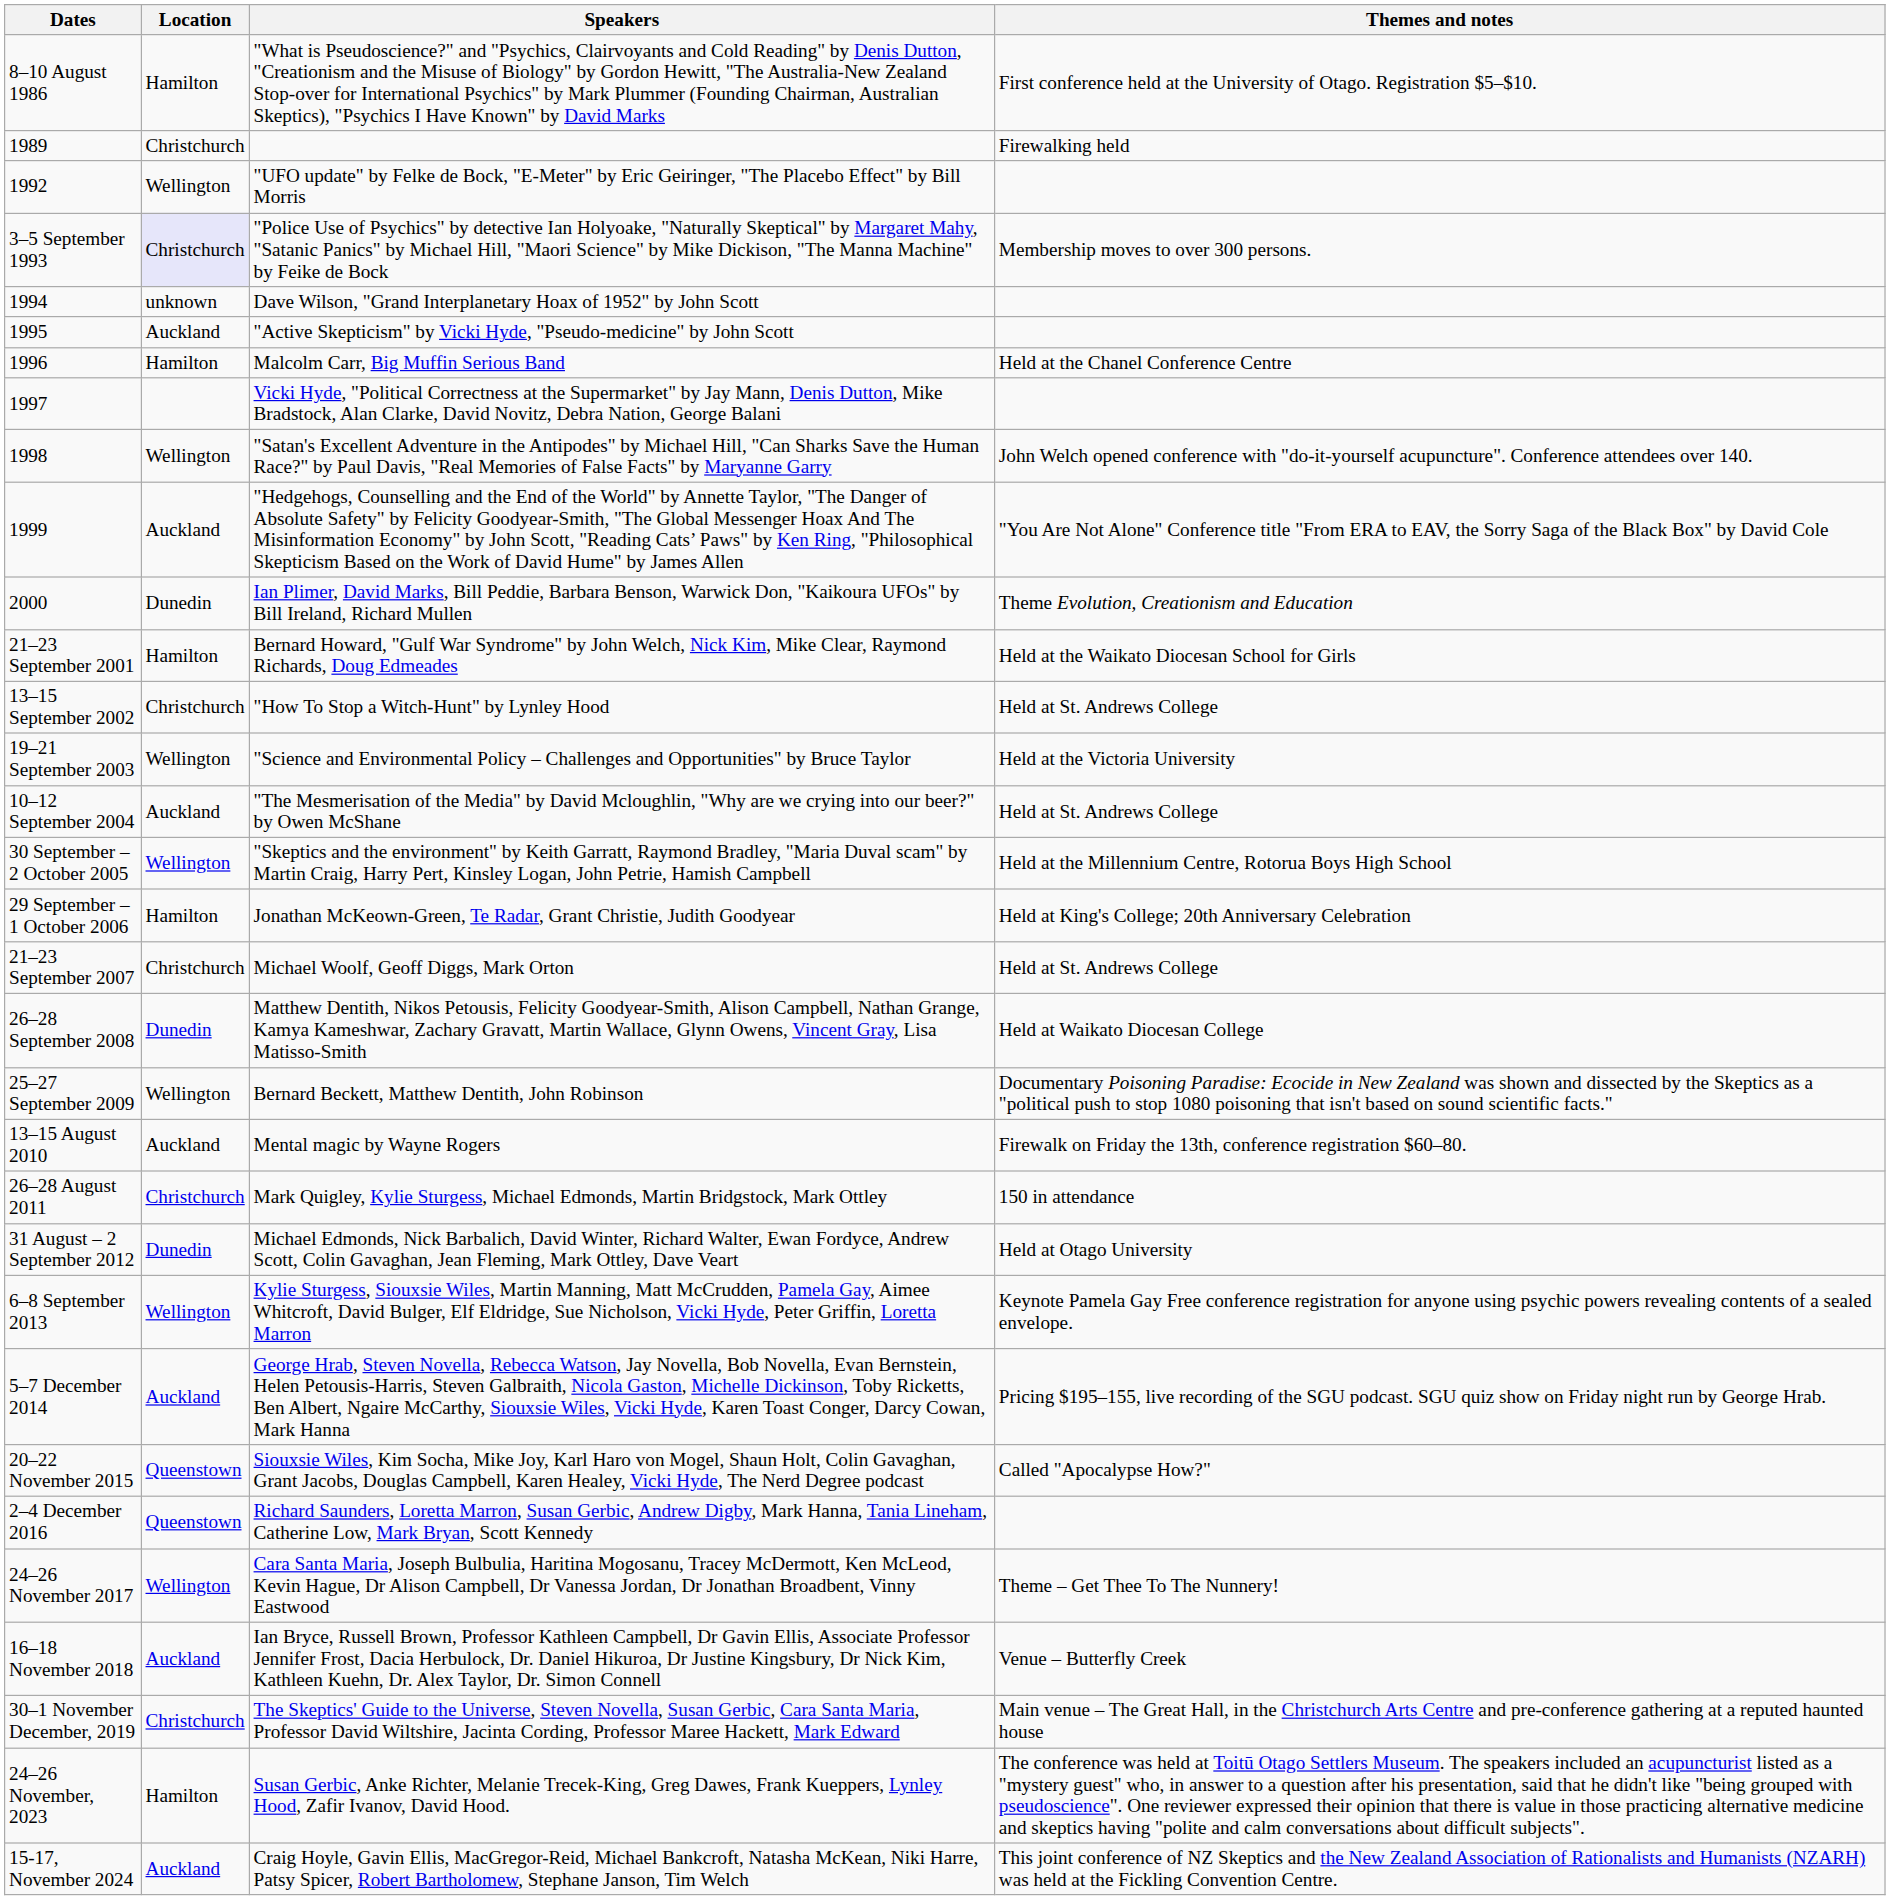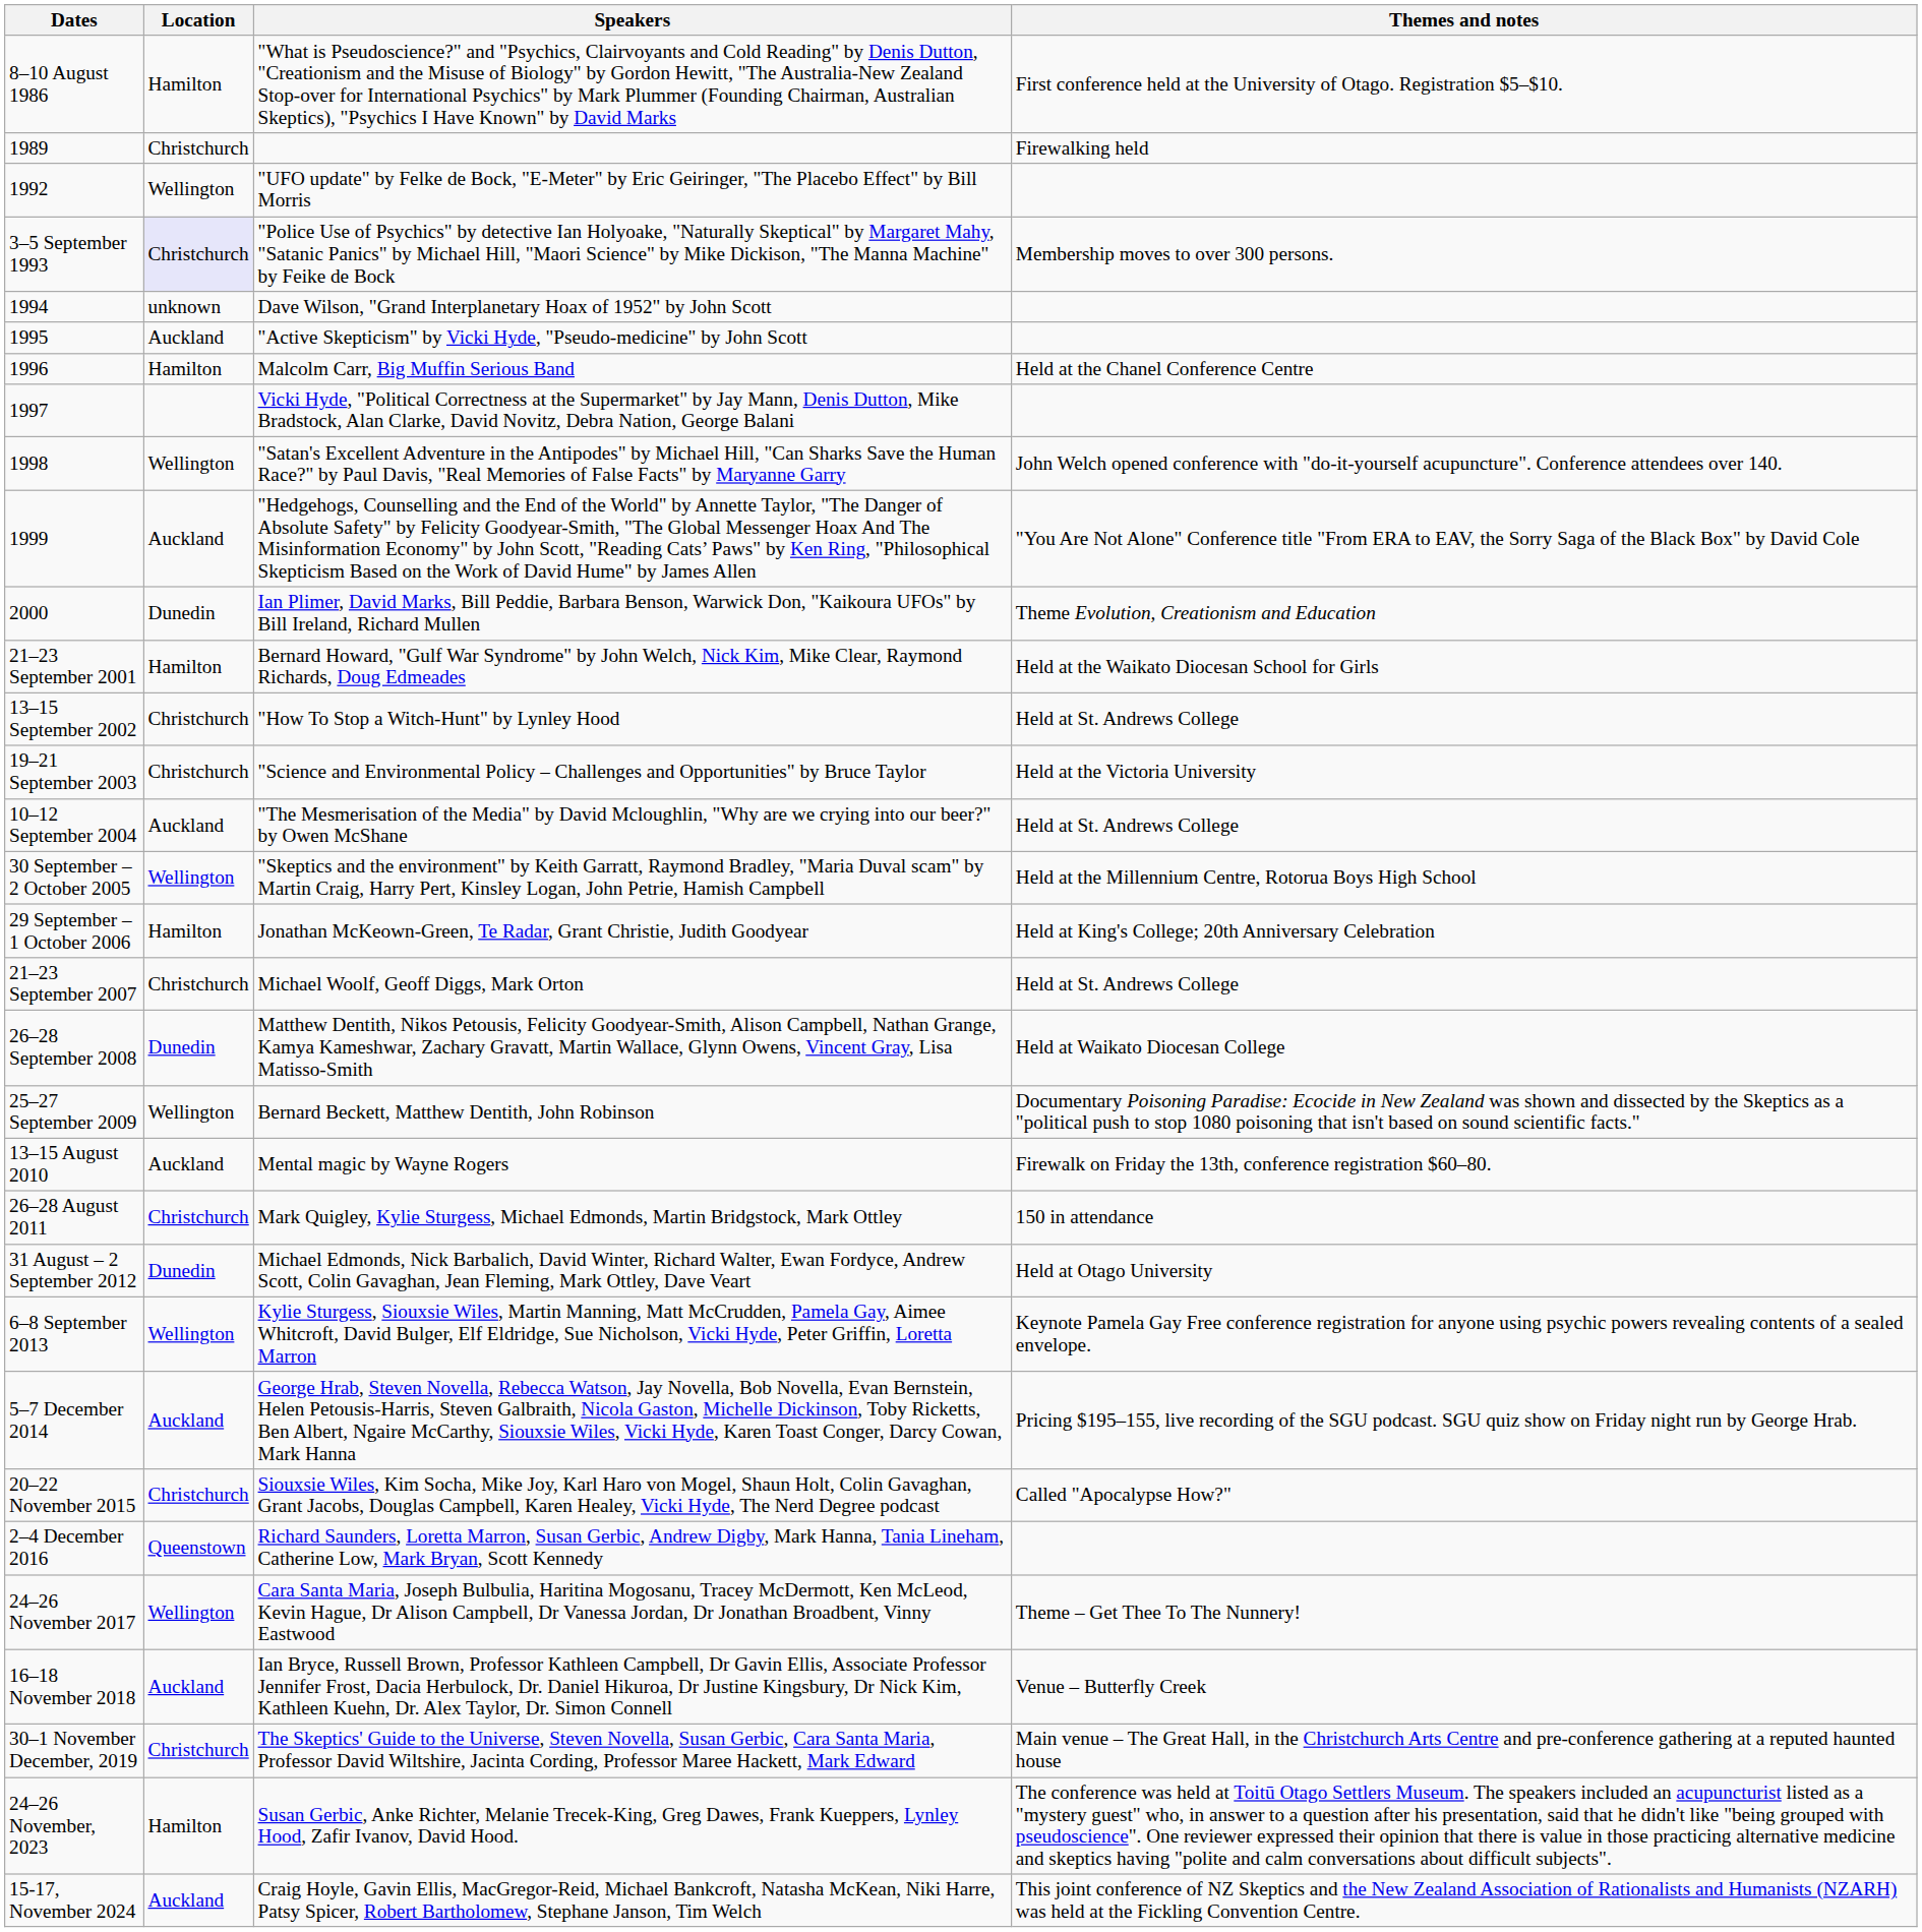 <table class="wikitable mw-collapsible mw-collapsed">
 <tr>
 <th data-sort-type="date">Dates</th>
 <th>Location</th>
 <th class="unsortable">Speakers</th>
 <th class="unsortable">Themes and notes</th>
 </tr>
 <tr>
 <td data-sort-value="August 1, 1986">8–10 August 1986</td>
 <td>Hamilton</td>
 <td>"What is Pseudoscience?" and "Psychics, Clairvoyants and Cold Reading" by <a href='#'>Denis Dutton</a>, "Creationism and the Misuse of Biology" by Gordon Hewitt, "The Australia-New Zealand Stop-over for International Psychics" by Mark Plummer (Founding Chairman, Australian Skeptics), "Psychics I Have Known" by <a href='#'>David Marks</a></td>
 <td>First conference held at the University of Otago. Registration $5–$10.</td>
 </tr>
 <tr>
 <td data-sort-value="September 1, 1989">1989</td>
 <td>Christchurch</td>
 <td></td>
 <td>Firewalking held</td>
 </tr>
 <tr>
 <td data-sort-value="1992">1992</td>
 <td>Wellington</td>
 <td>"UFO update" by Felke de Bock, "E-Meter" by Eric Geiringer, "The Placebo Effect" by Bill Morris</td>
 <td></td>
 </tr>
 <tr>
 <td data-sort-value="1993">3–5 September 1993</td>
 <td style="background: lavender;">Christchurch</td>
 <td>"Police Use of Psychics" by detective Ian Holyoake, "Naturally Skeptical" by <a href='#'>Margaret Mahy</a>, "Satanic Panics" by Michael Hill, "Maori Science" by Mike Dickison, "The Manna Machine" by Feike de Bock</td>
 <td>Membership moves to over 300 persons.</td>
 </tr>
 <tr>
 <td data-sort-value="1994">1994</td>
 <td>unknown</td>
 <td>Dave Wilson, "Grand Interplanetary Hoax of 1952" by John Scott</td>
 <td></td>
 </tr>
 <tr>
 <td data-sort-value="1995">1995</td>
 <td>Auckland</td>
 <td>"Active Skepticism" by <a href='#'>Vicki Hyde</a>, "Pseudo-medicine" by John Scott</td>
 <td></td>
 </tr>
 <tr>
 <td data-sort-value="1996">1996</td>
 <td>Hamilton</td>
 <td>Malcolm Carr, <a href='#'>Big Muffin Serious Band</a></td>
 <td>Held at the Chanel Conference Centre</td>
 </tr>
 <tr>
 <td data-sort-value="1997">1997</td>
 <td></td>
 <td><a href='#'>Vicki Hyde</a>, "Political Correctness at the Supermarket" by Jay Mann, <a href='#'>Denis Dutton</a>, Mike Bradstock, Alan Clarke, David Novitz, Debra Nation, George Balani</td>
 <td></td>
 </tr>
 <tr>
 <td data-sort-value="1998">1998</td>
 <td>Wellington</td>
 <td>"Satan's Excellent Adventure in the Antipodes" by Michael Hill, "Can Sharks Save the Human Race?" by Paul Davis, "Real Memories of False Facts" by <a href='#'>Maryanne Garry</a></td>
 <td>John Welch opened conference with "do-it-yourself acupuncture". Conference attendees over 140.</td>
 </tr>
 <tr>
 <td data-sort-value="1999">1999</td>
 <td>Auckland</td>
 <td>"Hedgehogs, Counselling and the End of the World" by Annette Taylor, "The Danger of Absolute Safety" by Felicity Goodyear-Smith, "The Global Messenger Hoax And The Misinformation Economy" by John Scott, "Reading Cats’ Paws" by <a href='#'>Ken Ring</a>, "Philosophical Skepticism Based on the Work of David Hume" by James Allen</td>
 <td>"You Are Not Alone" Conference title "From ERA to EAV, the Sorry Saga of the Black Box" by David Cole</td>
 </tr>
 <tr>
 <td data-sort-value="2000">2000</td>
 <td>Dunedin</td>
 <td><a href='#'>Ian Plimer</a>, <a href='#'>David Marks</a>, Bill Peddie, Barbara Benson, Warwick Don, "Kaikoura UFOs" by Bill Ireland, Richard Mullen</td>
 <td>Theme <em>Evolution, Creationism and Education</em></td>
 </tr>
 <tr>
 <td data-sort-value="September 21, 2001">21–23 September 2001</td>
 <td>Hamilton</td>
 <td>Bernard Howard, "Gulf War Syndrome" by John Welch, <a href='#'>Nick Kim</a>, Mike Clear, Raymond Richards, <a href='#'>Doug Edmeades</a></td>
 <td>Held at the Waikato Diocesan School for Girls</td>
 </tr>
 <tr>
 <td data-sort-value="September 13, 2002">13–15 September 2002</td>
 <td>Christchurch</td>
 <td>"How To Stop a Witch-Hunt" by Lynley Hood</td>
 <td>Held at St. Andrews College</td>
 </tr>
 <tr>
 <td data-sort-value="September 19, 2003">19–21 September 2003</td>
-<td>Wellington</td>
+<td>Christchurch</td>
 <td>"Science and Environmental Policy – Challenges and Opportunities" by Bruce Taylor</td>
 <td>Held at the Victoria University</td>
 </tr>
 <tr>
 <td data-sort-value="September 10, 2004">10–12 September 2004</td>
 <td>Auckland</td>
 <td>"The Mesmerisation of the Media" by David Mcloughlin, "Why are we crying into our beer?" by Owen McShane</td>
 <td>Held at St. Andrews College</td>
 </tr>
 <tr>
 <td data-sort-value="September 30, 2005">30 September – 2 October 2005</td>
 <td><a href='#'>Wellington</a></td>
 <td>"Skeptics and the environment" by Keith Garratt, Raymond Bradley, "Maria Duval scam" by Martin Craig, Harry Pert, Kinsley Logan, John Petrie, Hamish Campbell</td>
 <td>Held at the Millennium Centre, Rotorua Boys High School</td>
 </tr>
 <tr>
 <td data-sort-value="September 29, 2006">29 September – 1 October 2006</td>
 <td>Hamilton</td>
 <td>Jonathan McKeown-Green, <a href='#'>Te Radar</a>, Grant Christie, Judith Goodyear</td>
 <td>Held at King's College; 20th Anniversary Celebration</td>
 </tr>
 <tr>
 <td data-sort-value="September 21, 2007">21–23 September 2007</td>
 <td>Christchurch</td>
 <td>Michael Woolf, Geoff Diggs, Mark Orton</td>
 <td>Held at St. Andrews College</td>
 </tr>
 <tr>
 <td data-sort-value="September 26, 2008">26–28 September 2008</td>
 <td><a href='#'>Dunedin</a></td>
 <td>Matthew Dentith, Nikos Petousis, Felicity Goodyear-Smith, Alison Campbell, Nathan Grange, Kamya Kameshwar, Zachary Gravatt, Martin Wallace, Glynn Owens, <a href='#'>Vincent Gray</a>, Lisa Matisso-Smith</td>
 <td>Held at Waikato Diocesan College</td>
 </tr>
 <tr>
 <td data-sort-value="September 25, 2009">25–27 September 2009</td>
 <td>Wellington</td>
 <td>Bernard Beckett, Matthew Dentith, John Robinson</td>
 <td>Documentary <em>Poisoning Paradise: Ecocide in New Zealand</em> was shown and dissected by the Skeptics as a "political push to stop 1080 poisoning that isn't based on sound scientific facts."</td>
 </tr>
 <tr>
 <td data-sort-value="August 13, 2010">13–15 August 2010</td>
 <td>Auckland</td>
 <td>Mental magic by Wayne Rogers</td>
 <td>Firewalk on Friday the 13th, conference registration $60–80.</td>
 </tr>
 <tr>
 <td data-sort-value="August 26, 2011">26–28 August 2011</td>
 <td><a href='#'>Christchurch</a></td>
 <td>Mark Quigley, <a href='#'>Kylie Sturgess</a>, Michael Edmonds, Martin Bridgstock, Mark Ottley</td>
 <td>150 in attendance</td>
 </tr>
 <tr>
 <td data-sort-value="August 31, 2012">31 August – 2 September 2012</td>
 <td><a href='#'>Dunedin</a></td>
 <td>Michael Edmonds, Nick Barbalich, David Winter, Richard Walter, Ewan Fordyce, Andrew Scott, Colin Gavaghan, Jean Fleming, Mark Ottley, Dave Veart</td>
 <td>Held at Otago University</td>
 </tr>
 <tr>
 <td data-sort-value="September 6, 2013">6–8 September 2013</td>
 <td><a href='#'>Wellington</a></td>
 <td><a href='#'>Kylie Sturgess</a>, <a href='#'>Siouxsie Wiles</a>, Martin Manning, Matt McCrudden, <a href='#'>Pamela Gay</a>, Aimee Whitcroft, David Bulger, Elf Eldridge, Sue Nicholson, <a href='#'>Vicki Hyde</a>, Peter Griffin, <a href='#'>Loretta Marron</a></td>
 <td>Keynote Pamela Gay Free conference registration for anyone using psychic powers revealing contents of a sealed envelope.</td>
 </tr>
 <tr>
 <td data-sort-value="December 5, 2014">5–7 December 2014</td>
 <td><a href='#'>Auckland</a></td>
 <td><a href='#'>George Hrab</a>, <a href='#'>Steven Novella</a>, <a href='#'>Rebecca Watson</a>, Jay Novella, Bob Novella, Evan Bernstein, Helen Petousis-Harris, Steven Galbraith, <a href='#'>Nicola Gaston</a>, <a href='#'>Michelle Dickinson</a>, Toby Ricketts, Ben Albert, Ngaire McCarthy, <a href='#'>Siouxsie Wiles</a>, <a href='#'>Vicki Hyde</a>, Karen Toast Conger, Darcy Cowan, Mark Hanna</td>
 <td>Pricing $195–155, live recording of the SGU podcast. SGU quiz show on Friday night run by George Hrab.</td>
 </tr>
 <tr>
 <td data-sort-value="November 20, 2015">20–22 November 2015</td>
-<td><a href='#'>Queenstown</a></td>
+<td><a href='#'>Christchurch</a></td>
 <td><a href='#'>Siouxsie Wiles</a>, Kim Socha, Mike Joy, Karl Haro von Mogel, Shaun Holt, Colin Gavaghan, Grant Jacobs, Douglas Campbell, Karen Healey, <a href='#'>Vicki Hyde</a>, The Nerd Degree podcast</td>
 <td>Called "Apocalypse How?"</td>
 </tr>
 <tr>
 <td data-sort-value="December 2, 2016">2–4 December 2016</td>
 <td><a href='#'>Queenstown</a></td>
 <td><a href='#'>Richard Saunders</a>, <a href='#'>Loretta Marron</a>, <a href='#'>Susan Gerbic</a>, <a href='#'>Andrew Digby</a>, Mark Hanna, <a href='#'>Tania Lineham</a>, Catherine Low, <a href='#'>Mark Bryan</a>, Scott Kennedy</td>
 <td></td>
 </tr>
 <tr>
 <td data-sort-value="November 24, 2017">24–26 November 2017</td>
 <td><a href='#'>Wellington</a></td>
 <td><a href='#'>Cara Santa Maria</a>, Joseph Bulbulia, Haritina Mogosanu, Tracey McDermott, Ken McLeod, Kevin Hague, Dr Alison Campbell, Dr Vanessa Jordan, Dr Jonathan Broadbent, Vinny Eastwood</td>
 <td>Theme – Get Thee To The Nunnery!</td>
 </tr>
 <tr>
 <td data-sort-value="November 16, 2018">16–18 November 2018</td>
 <td><a href='#'>Auckland</a></td>
 <td>Ian Bryce, Russell Brown, Professor Kathleen Campbell, Dr Gavin Ellis, Associate Professor Jennifer Frost, Dacia Herbulock, Dr. Daniel Hikuroa, Dr Justine Kingsbury, Dr Nick Kim, Kathleen Kuehn, Dr. Alex Taylor, Dr. Simon Connell</td>
 <td>Venue – Butterfly Creek</td>
 </tr>
 <tr>
 <td data-sort-value="November 30, 2019">30–1 November December, 2019</td>
 <td><a href='#'>Christchurch</a></td>
 <td><a href='#'>The Skeptics' Guide to the Universe</a>, <a href='#'>Steven Novella</a>, <a href='#'>Susan Gerbic</a>, <a href='#'>Cara Santa Maria</a>, Professor David Wiltshire, Jacinta Cording, Professor Maree Hackett, <a href='#'>Mark Edward</a></td>
 <td>Main venue – The Great Hall, in the <a href='#'>Christchurch Arts Centre</a> and pre-conference gathering at a reputed haunted house</td>
 </tr>
 <tr>
 <td data-sort-value="November, 24, 2023">24–26 November, 2023</td>
 <td>Hamilton</td>
 <td><a href='#'>Susan Gerbic</a>, Anke Richter, Melanie Trecek-King, Greg Dawes, Frank Kueppers, <a href='#'>Lynley Hood</a>, Zafir Ivanov, David Hood.</td>
 <td>The conference was held at <a href='#'>Toitū Otago Settlers Museum</a>.   The speakers included an <a href='#'>acupuncturist</a> listed as a "mystery guest" who, in answer to a question after his presentation, said that he didn't like "being grouped with <a href='#'>pseudoscience</a>". One reviewer expressed their opinion that there is value in those practicing alternative medicine and skeptics having "polite and calm conversations about difficult subjects".</td>
 </tr>
 <tr>
 <td data-sort-value="November, 15, 2024">15-17, November 2024</td>
 <td><a href='#'>Auckland</a></td>
 <td>Craig Hoyle, Gavin Ellis, MacGregor-Reid, Michael Bankcroft, Natasha McKean, Niki Harre, Patsy Spicer, <a href='#'>Robert Bartholomew</a>, Stephane Janson, Tim Welch</td>
 <td>This joint conference of NZ Skeptics and <a href='#'>the New Zealand Association of Rationalists and Humanists (NZARH)</a> was held at the Fickling Convention Centre.</td>
 </tr>
 </table>
